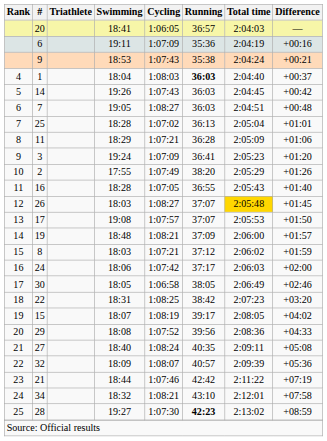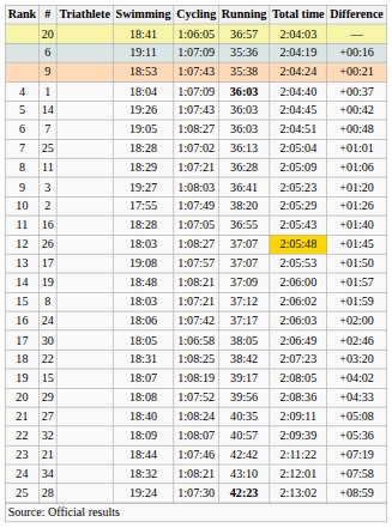 <table class="wikitable sortable" style="text-align:center">
 <tr>
 <th data-sort-type="number">Rank</th>
 <th>#</th>
 <th>Triathlete</th>
 <th>Swimming</th>
 <th>Cycling</th>
 <th>Running</th>
 <th>Total time</th>
 <th>Difference</th>
 </tr>
 <tr style="background:#F7F6A8;”">
 <td></td>
 <td>20</td>
 <td align=left></td>
 <td>18:41</td>
 <td>1:06:05</td>
 <td>36:57</td>
 <td>2:04:03</td>
 <td>—</td>
 </tr>
 <tr style="background:#DCE5E5;”">
 <td></td>
 <td>6</td>
 <td align=left></td>
 <td>19:11</td>
 <td>1:07:09</td>
 <td>35:36</td>
 <td>2:04:19</td>
 <td>+00:16</td>
 </tr>
 <tr style="background:#FFDAB9;">
 <td></td>
 <td>9</td>
 <td align=left></td>
 <td>18:53</td>
 <td>1:07:43</td>
 <td>35:38</td>
 <td>2:04:24</td>
 <td>+00:21</td>
 </tr>
 <tr>
 <td>4</td>
 <td>1</td>
 <td align=left></td>
 <td>18:04</td>
-<td>1:08:03</td>
+<td>1:07:09</td>
 <td><strong>36:03</strong></td>
 <td>2:04:40</td>
 <td>+00:37</td>
 </tr>
 <tr>
 <td>5</td>
 <td>14</td>
 <td align=left></td>
 <td>19:26</td>
 <td>1:07:43</td>
 <td>36:03</td>
 <td>2:04:45</td>
 <td>+00:42</td>
 </tr>
 <tr>
 <td>6</td>
 <td>7</td>
 <td align=left></td>
 <td>19:05</td>
 <td>1:08:27</td>
 <td>36:03</td>
 <td>2:04:51</td>
 <td>+00:48</td>
 </tr>
 <tr>
 <td>7</td>
 <td>25</td>
 <td align=left></td>
 <td>18:28</td>
 <td>1:07:02</td>
 <td>36:13</td>
 <td>2:05:04</td>
 <td>+01:01</td>
 </tr>
 <tr>
 <td>8</td>
 <td>11</td>
 <td align=left></td>
 <td>18:29</td>
 <td>1:07:21</td>
 <td>36:28</td>
 <td>2:05:09</td>
 <td>+01:06</td>
 </tr>
 <tr>
 <td>9</td>
 <td>3</td>
 <td align=left></td>
-<td>19:24</td>
-<td>1:07:09</td>
+<td>19:27</td>
+<td>1:08:03</td>
 <td>36:41</td>
 <td>2:05:23</td>
 <td>+01:20</td>
 </tr>
 <tr>
 <td>10</td>
 <td>2</td>
 <td align=left></td>
 <td>17:55</td>
 <td>1:07:49</td>
 <td>38:20</td>
 <td>2:05:29</td>
 <td>+01:26</td>
 </tr>
 <tr>
 <td>11</td>
 <td>16</td>
 <td align=left></td>
 <td>18:28</td>
 <td>1:07:05</td>
 <td>36:55</td>
 <td>2:05:43</td>
 <td>+01:40</td>
 </tr>
 <tr>
 <td>12</td>
 <td>26</td>
 <td align=left></td>
 <td>18:03</td>
 <td>1:08:27</td>
 <td>37:07</td>
 <td style="background: gold;">2:05:48</td>
 <td>+01:45</td>
 </tr>
 <tr>
 <td>13</td>
 <td>17</td>
 <td align=left></td>
 <td>19:08</td>
 <td>1:07:57</td>
 <td>37:07</td>
 <td>2:05:53</td>
 <td>+01:50</td>
 </tr>
 <tr>
 <td>14</td>
 <td>19</td>
 <td align=left></td>
 <td>18:48</td>
 <td>1:08:21</td>
 <td>37:09</td>
 <td>2:06:00</td>
 <td>+01:57</td>
 </tr>
 <tr>
 <td>15</td>
 <td>8</td>
 <td align=left></td>
 <td>18:03</td>
 <td>1:07:21</td>
 <td>37:12</td>
 <td>2:06:02</td>
 <td>+01:59</td>
 </tr>
 <tr>
 <td>16</td>
 <td>24</td>
 <td align=left></td>
 <td>18:06</td>
 <td>1:07:42</td>
 <td>37:17</td>
 <td>2:06:03</td>
 <td>+02:00</td>
 </tr>
 <tr>
 <td>17</td>
 <td>30</td>
 <td align=left></td>
 <td>18:05</td>
 <td>1:06:58</td>
 <td>38:05</td>
 <td>2:06:49</td>
 <td>+02:46</td>
 </tr>
 <tr>
 <td>18</td>
 <td>22</td>
 <td align=left></td>
 <td>18:31</td>
 <td>1:08:25</td>
 <td>38:42</td>
 <td>2:07:23</td>
 <td>+03:20</td>
 </tr>
 <tr>
 <td>19</td>
 <td>15</td>
 <td align=left></td>
 <td>18:07</td>
 <td>1:08:19</td>
 <td>39:17</td>
 <td>2:08:05</td>
 <td>+04:02</td>
 </tr>
 <tr>
 <td>20</td>
 <td>29</td>
 <td align=left></td>
 <td>18:08</td>
 <td>1:07:52</td>
 <td>39:56</td>
 <td>2:08:36</td>
 <td>+04:33</td>
 </tr>
 <tr>
 <td>21</td>
 <td>27</td>
 <td align=left></td>
 <td>18:40</td>
 <td>1:08:24</td>
 <td>40:35</td>
 <td>2:09:11</td>
 <td>+05:08</td>
 </tr>
 <tr>
 <td>22</td>
 <td>32</td>
 <td align=left></td>
 <td>18:09</td>
 <td>1:08:07</td>
 <td>40:57</td>
 <td>2:09:39</td>
 <td>+05:36</td>
 </tr>
 <tr>
 <td>23</td>
 <td>21</td>
 <td align=left></td>
 <td>18:44</td>
 <td>1:07:46</td>
 <td>42:42</td>
 <td>2:11:22</td>
 <td>+07:19</td>
 </tr>
 <tr>
 <td>24</td>
 <td>34</td>
 <td align=left></td>
 <td>18:32</td>
 <td>1:08:21</td>
 <td>43:10</td>
 <td>2:12:01</td>
 <td>+07:58</td>
 </tr>
 <tr>
 <td>25</td>
 <td>28</td>
 <td align=left></td>
-<td>19:27</td>
+<td>19:24</td>
 <td>1:07:30</td>
 <td><strong>42:23</strong></td>
 <td>2:13:02</td>
 <td>+08:59</td>
 </tr>
 <tr>
 </tr>
 <tr class="sortbottom">
 <td colspan="9" style="text-align:left;">Source: Official results</td>
 </tr>
 </table>
